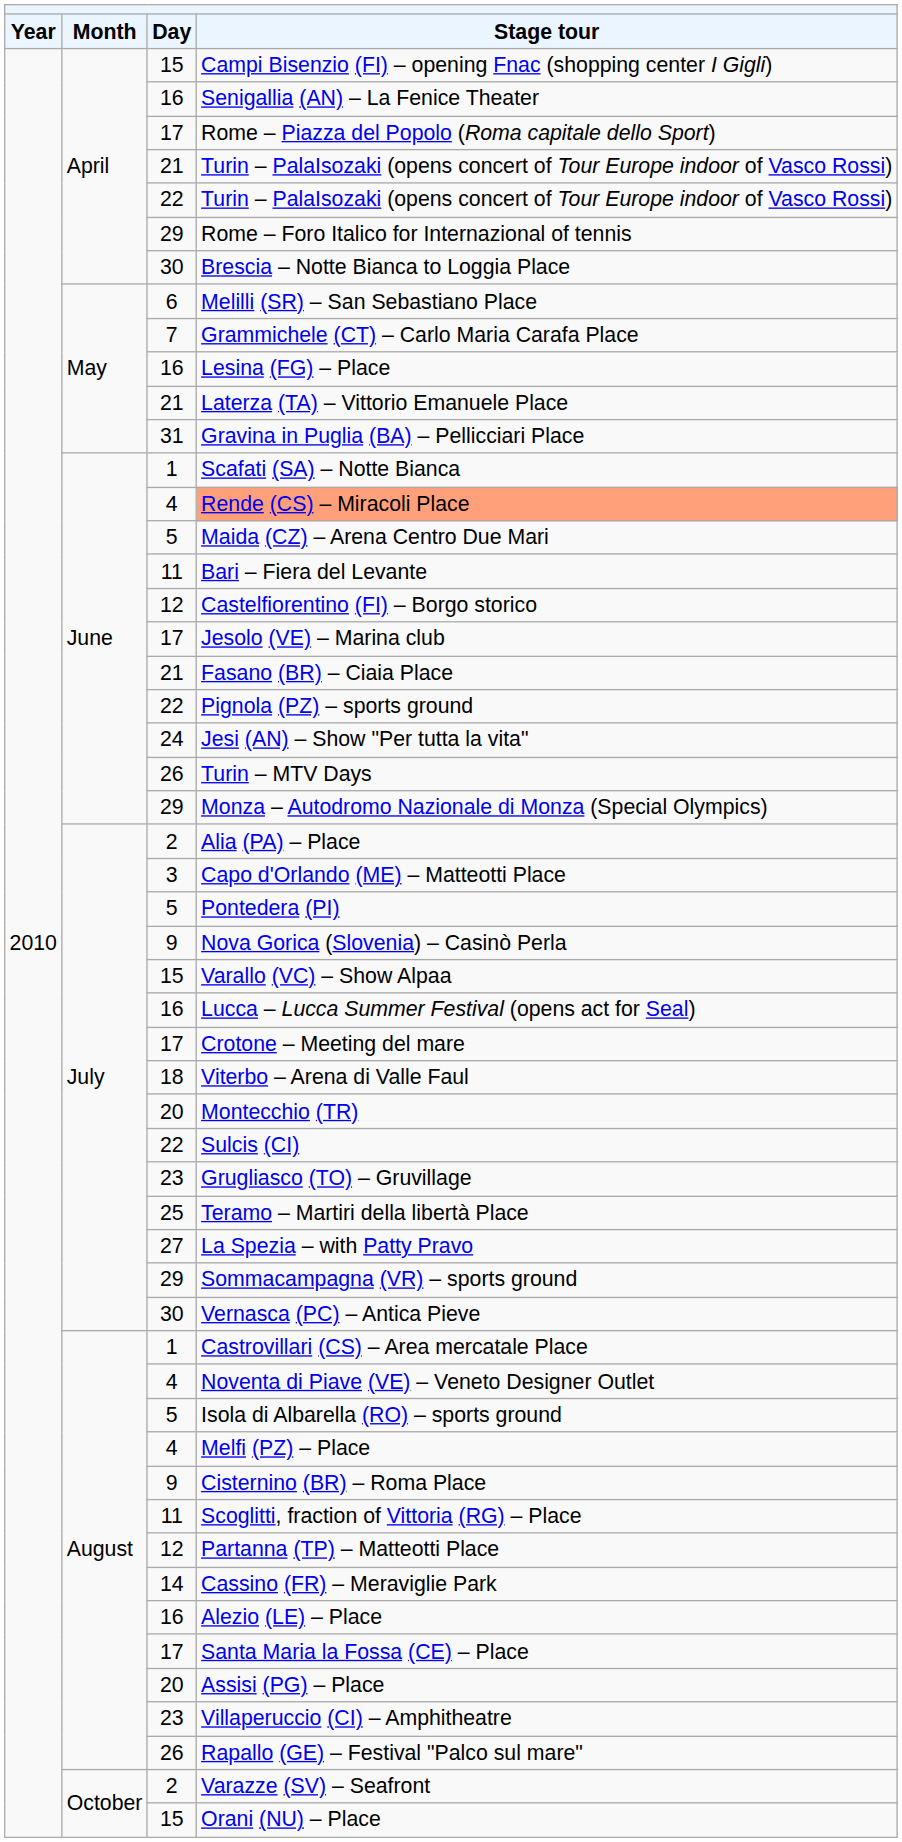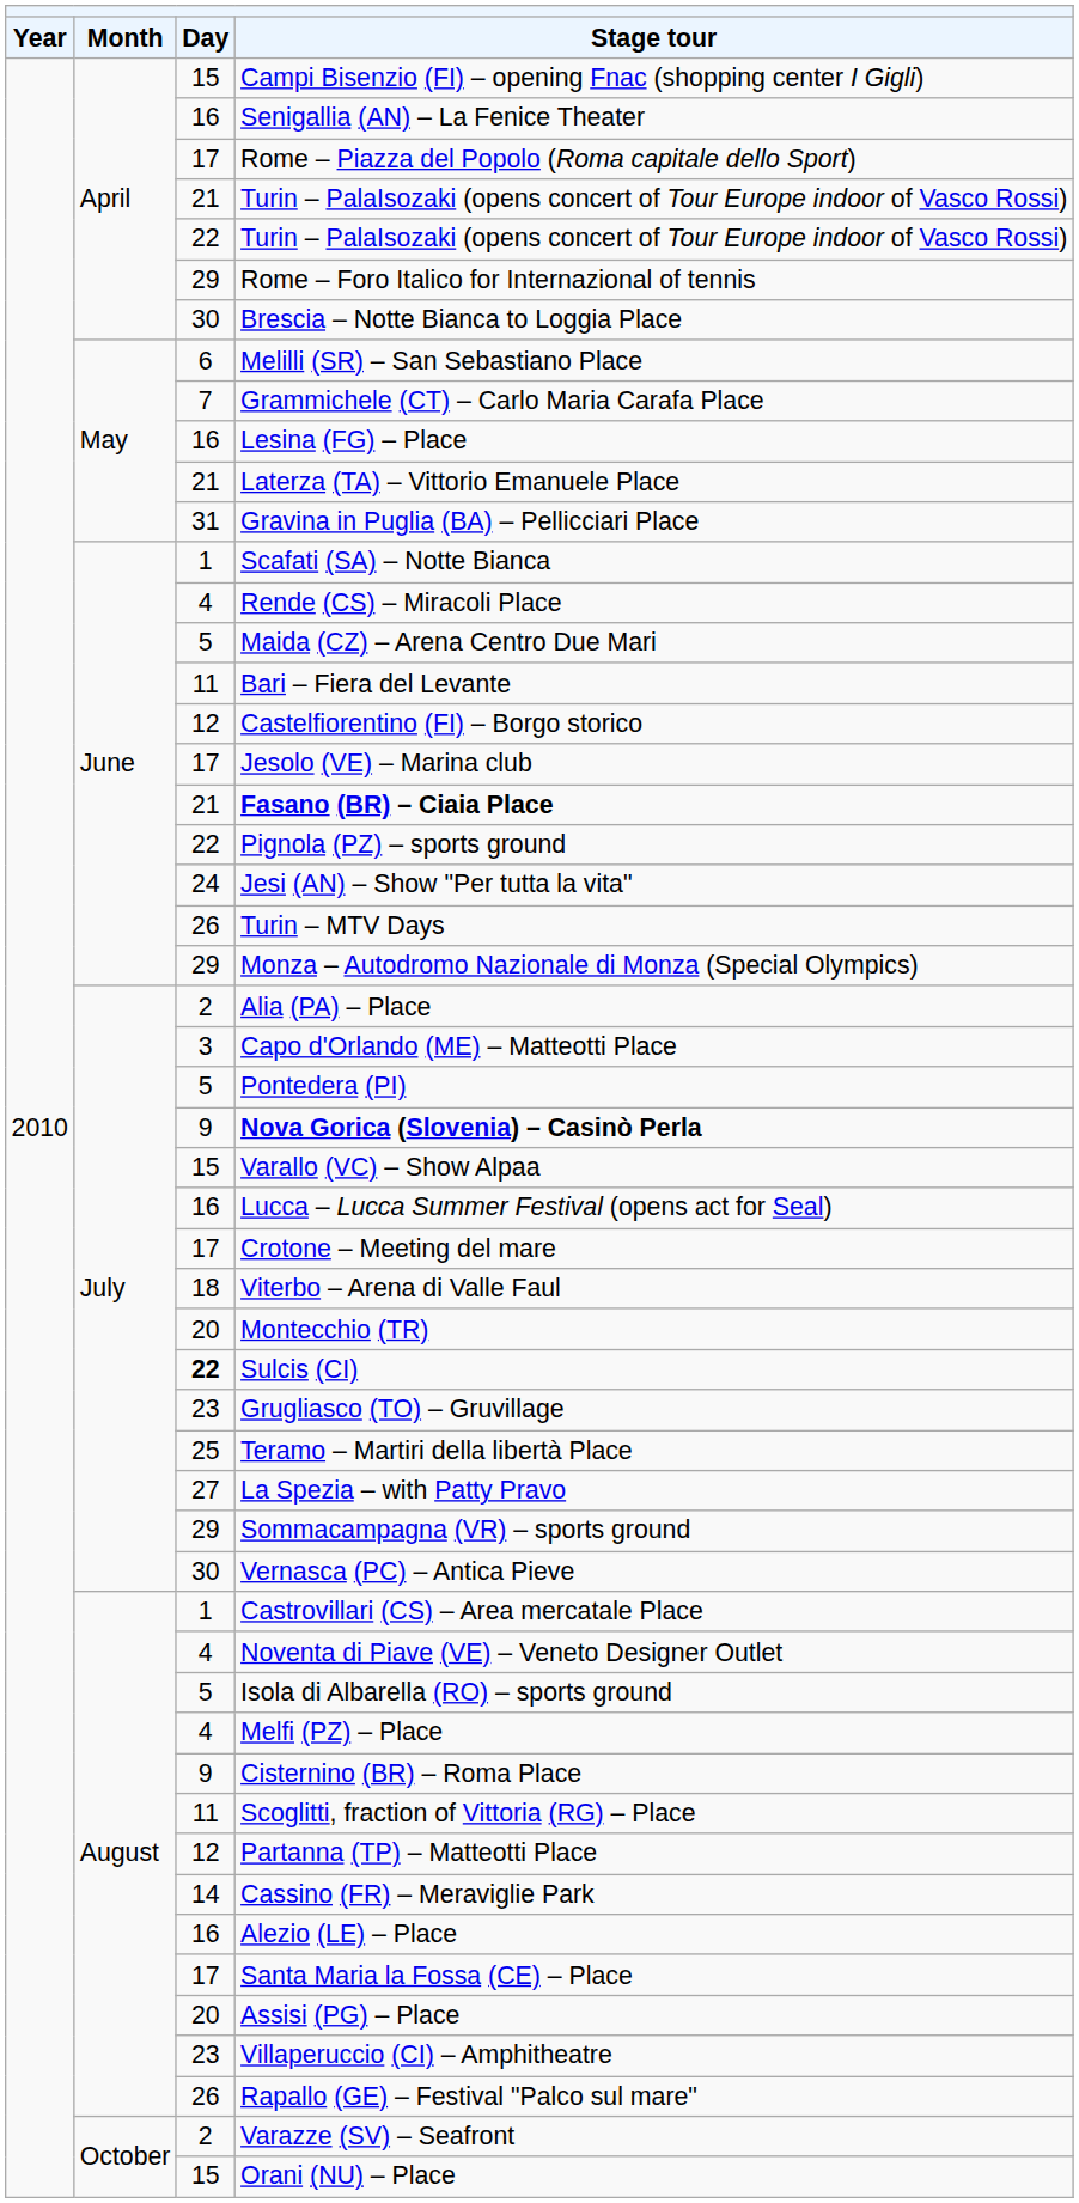 <table class="wikitable">
 <tr>
 <th colspan="4" align="center" style="background-color: #ebf5ff;"></th>
 </tr>
 <tr>
 <th align="center" style="background-color: #ebf5ff;">Year</th>
 <th align="center" style="background-color: #ebf5ff;">Month</th>
 <th align="center" style="background-color: #ebf5ff;">Day</th>
 <th align="center" style="background-color: #ebf5ff;">Stage tour</th>
 </tr>
 <tr>
 <td rowspan="53">2010</td>
 <td rowspan="7">April</td>
 <td align="center">15</td>
 <td><a href='#'>Campi Bisenzio</a> <a href='#'>(FI)</a> – opening <a href='#'>Fnac</a> (shopping center <em>I Gigli</em>)</td>
 </tr>
 <tr>
 <td align="center">16</td>
 <td><a href='#'>Senigallia</a> <a href='#'>(AN)</a> – La Fenice Theater</td>
 </tr>
 <tr>
 <td align="center">17</td>
 <td>Rome – <a href='#'>Piazza del Popolo</a> (<em>Roma capitale dello Sport</em>)</td>
 </tr>
 <tr>
 <td align="center">21</td>
 <td><a href='#'>Turin</a> – <a href='#'>PalaIsozaki</a> (opens concert of <em>Tour Europe indoor</em> of <a href='#'>Vasco Rossi</a>)</td>
 </tr>
 <tr>
 <td align="center">22</td>
 <td><a href='#'>Turin</a> – <a href='#'>PalaIsozaki</a> (opens concert of <em>Tour Europe indoor</em> of <a href='#'>Vasco Rossi</a>)</td>
 </tr>
 <tr>
 <td align="center">29</td>
 <td>Rome – Foro Italico for Internazional of tennis</td>
 </tr>
 <tr>
 <td align="center">30</td>
 <td><a href='#'>Brescia</a> – Notte Bianca to Loggia Place</td>
 </tr>
 <tr>
 <td rowspan="5">May</td>
 <td align="center">6</td>
 <td><a href='#'>Melilli</a> <a href='#'>(SR)</a> – San Sebastiano Place</td>
 </tr>
 <tr>
 <td align="center">7</td>
 <td><a href='#'>Grammichele</a> <a href='#'>(CT)</a> – Carlo Maria Carafa Place</td>
 </tr>
 <tr>
 <td align="center">16</td>
 <td><a href='#'>Lesina</a> <a href='#'>(FG)</a> – Place</td>
 </tr>
 <tr>
 <td align="center">21</td>
 <td><a href='#'>Laterza</a> <a href='#'>(TA)</a> – Vittorio Emanuele Place</td>
 </tr>
 <tr>
 <td align="center">31</td>
 <td><a href='#'>Gravina in Puglia</a> <a href='#'>(BA)</a> – Pellicciari Place</td>
 </tr>
 <tr>
 <td rowspan="11">June</td>
 <td align="center">1</td>
 <td><a href='#'>Scafati</a> <a href='#'>(SA)</a> – Notte Bianca</td>
 </tr>
 <tr>
 <td align="center">4</td>
-<td style="background: lightsalmon;"><a href='#'>Rende</a> <a href='#'>(CS)</a> – Miracoli Place</td>
+<td><a href='#'>Rende</a> <a href='#'>(CS)</a> – Miracoli Place</td>
 </tr>
 <tr>
 <td align="center">5</td>
 <td><a href='#'>Maida</a> <a href='#'>(CZ)</a>  – Arena Centro Due Mari</td>
 </tr>
 <tr>
 <td align="center">11</td>
 <td><a href='#'>Bari</a> – Fiera del Levante</td>
 </tr>
 <tr>
 <td align="center">12</td>
 <td><a href='#'>Castelfiorentino</a> <a href='#'>(FI)</a> – Borgo storico</td>
 </tr>
 <tr>
 <td align="center">17</td>
 <td><a href='#'>Jesolo</a> <a href='#'>(VE)</a> – Marina club</td>
 </tr>
 <tr>
 <td align="center">21</td>
-<td><a href='#'>Fasano</a> <a href='#'>(BR)</a> – Ciaia Place</td>
+<td><strong><a href='#'>Fasano</a> <a href='#'>(BR)</a> – Ciaia Place</strong></td>
 </tr>
 <tr>
 <td align="center">22</td>
 <td><a href='#'>Pignola</a> <a href='#'>(PZ)</a> – sports ground</td>
 </tr>
 <tr>
 <td align="center">24</td>
 <td><a href='#'>Jesi</a> <a href='#'>(AN)</a> – Show "Per tutta la vita"</td>
 </tr>
 <tr>
 <td align="center">26</td>
 <td><a href='#'>Turin</a> – MTV Days</td>
 </tr>
 <tr>
 <td align="center">29</td>
 <td><a href='#'>Monza</a> – <a href='#'>Autodromo Nazionale di Monza</a> (Special Olympics)</td>
 </tr>
 <tr>
 <td rowspan="15">July</td>
 <td align="center">2</td>
 <td><a href='#'>Alia</a> <a href='#'>(PA)</a> – Place</td>
 </tr>
 <tr>
 <td align="center">3</td>
 <td><a href='#'>Capo d'Orlando</a> <a href='#'>(ME)</a> – Matteotti Place</td>
 </tr>
 <tr>
 <td align="center">5</td>
 <td><a href='#'>Pontedera</a> <a href='#'>(PI)</a></td>
 </tr>
 <tr>
 <td align="center">9</td>
-<td><a href='#'>Nova Gorica</a> (<a href='#'>Slovenia</a>) – Casinò Perla</td>
+<td><strong><a href='#'>Nova Gorica</a> (<a href='#'>Slovenia</a>) – Casinò Perla</strong></td>
 </tr>
 <tr>
 <td align="center">15</td>
 <td><a href='#'>Varallo</a> <a href='#'>(VC)</a> – Show Alpaa</td>
 </tr>
 <tr>
 <td align="center">16</td>
 <td><a href='#'>Lucca</a> – <em>Lucca Summer Festival</em> (opens act for <a href='#'>Seal</a>)</td>
 </tr>
 <tr>
 <td align="center">17</td>
 <td><a href='#'>Crotone</a> – Meeting del mare</td>
 </tr>
 <tr>
 <td align="center">18</td>
 <td><a href='#'>Viterbo</a> – Arena di Valle Faul</td>
 </tr>
 <tr>
 <td align="center">20</td>
 <td><a href='#'>Montecchio</a> <a href='#'>(TR)</a></td>
 </tr>
 <tr>
-<td align="center">22</td>
+<td align="center"><strong>22</strong></td>
 <td><a href='#'>Sulcis</a> <a href='#'>(CI)</a></td>
 </tr>
 <tr>
 <td align="center">23</td>
 <td><a href='#'>Grugliasco</a> <a href='#'>(TO)</a> – Gruvillage</td>
 </tr>
 <tr>
 <td align="center">25</td>
 <td><a href='#'>Teramo</a> – Martiri della libertà Place</td>
 </tr>
 <tr>
 <td align="center">27</td>
 <td><a href='#'>La Spezia</a> – with <a href='#'>Patty Pravo</a></td>
 </tr>
 <tr>
 <td align="center">29</td>
 <td><a href='#'>Sommacampagna</a> <a href='#'>(VR)</a> – sports ground</td>
 </tr>
 <tr>
 <td align="center">30</td>
 <td><a href='#'>Vernasca</a> <a href='#'>(PC)</a> – Antica Pieve</td>
 </tr>
 <tr>
 <td rowspan="13">August</td>
 <td align="center">1</td>
 <td><a href='#'>Castrovillari</a> <a href='#'>(CS)</a> – Area mercatale Place</td>
 </tr>
 <tr>
 <td align="center">4</td>
 <td><a href='#'>Noventa di Piave</a> <a href='#'>(VE)</a> – Veneto Designer Outlet</td>
 </tr>
 <tr>
 <td align="center">5</td>
 <td>Isola di Albarella <a href='#'>(RO)</a> – sports ground</td>
 </tr>
 <tr>
 <td align="center">4</td>
 <td><a href='#'>Melfi</a> <a href='#'>(PZ)</a> – Place</td>
 </tr>
 <tr>
 <td align="center">9</td>
 <td><a href='#'>Cisternino</a> <a href='#'>(BR)</a> – Roma Place</td>
 </tr>
 <tr>
 <td align="center">11</td>
 <td><a href='#'>Scoglitti</a>, fraction of <a href='#'>Vittoria</a> <a href='#'>(RG)</a> – Place</td>
 </tr>
 <tr>
 <td align="center">12</td>
 <td><a href='#'>Partanna</a> <a href='#'>(TP)</a> – Matteotti Place</td>
 </tr>
 <tr>
 <td align="center">14</td>
 <td><a href='#'>Cassino</a> <a href='#'>(FR)</a> – Meraviglie Park</td>
 </tr>
 <tr>
 <td align="center">16</td>
 <td><a href='#'>Alezio</a> <a href='#'>(LE)</a> – Place</td>
 </tr>
 <tr>
 <td align="center">17</td>
 <td><a href='#'>Santa Maria la Fossa</a> <a href='#'>(CE)</a> – Place</td>
 </tr>
 <tr>
 <td align="center">20</td>
 <td><a href='#'>Assisi</a> <a href='#'>(PG)</a> – Place</td>
 </tr>
 <tr>
 <td align="center">23</td>
 <td><a href='#'>Villaperuccio</a> <a href='#'>(CI)</a> – Amphitheatre</td>
 </tr>
 <tr>
 <td align="center">26</td>
 <td><a href='#'>Rapallo</a> <a href='#'>(GE)</a> – Festival "Palco sul mare"</td>
 </tr>
 <tr>
 <td rowspan="2">October</td>
 <td align="center">2</td>
 <td><a href='#'>Varazze</a> <a href='#'>(SV)</a> – Seafront</td>
 </tr>
 <tr>
 <td align="center">15</td>
 <td><a href='#'>Orani</a> <a href='#'>(NU)</a> – Place</td>
 </tr>
 </table>
